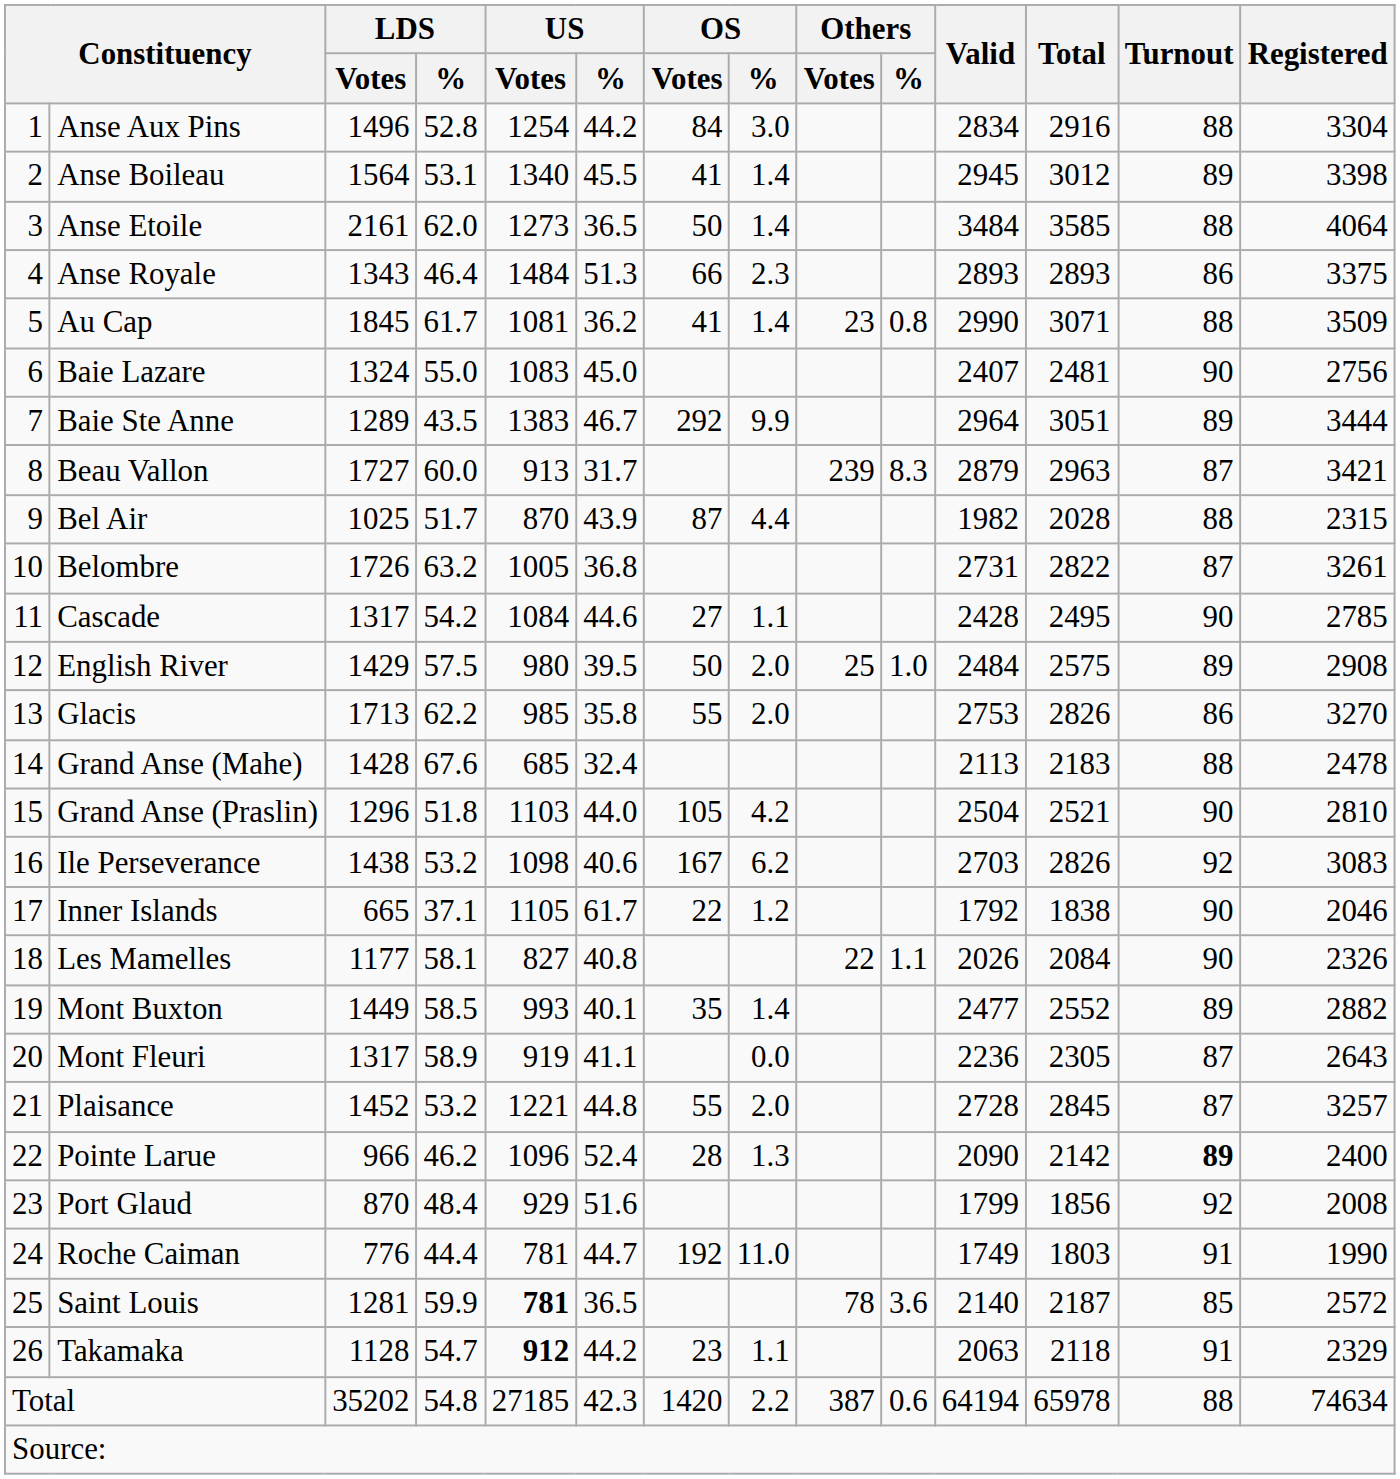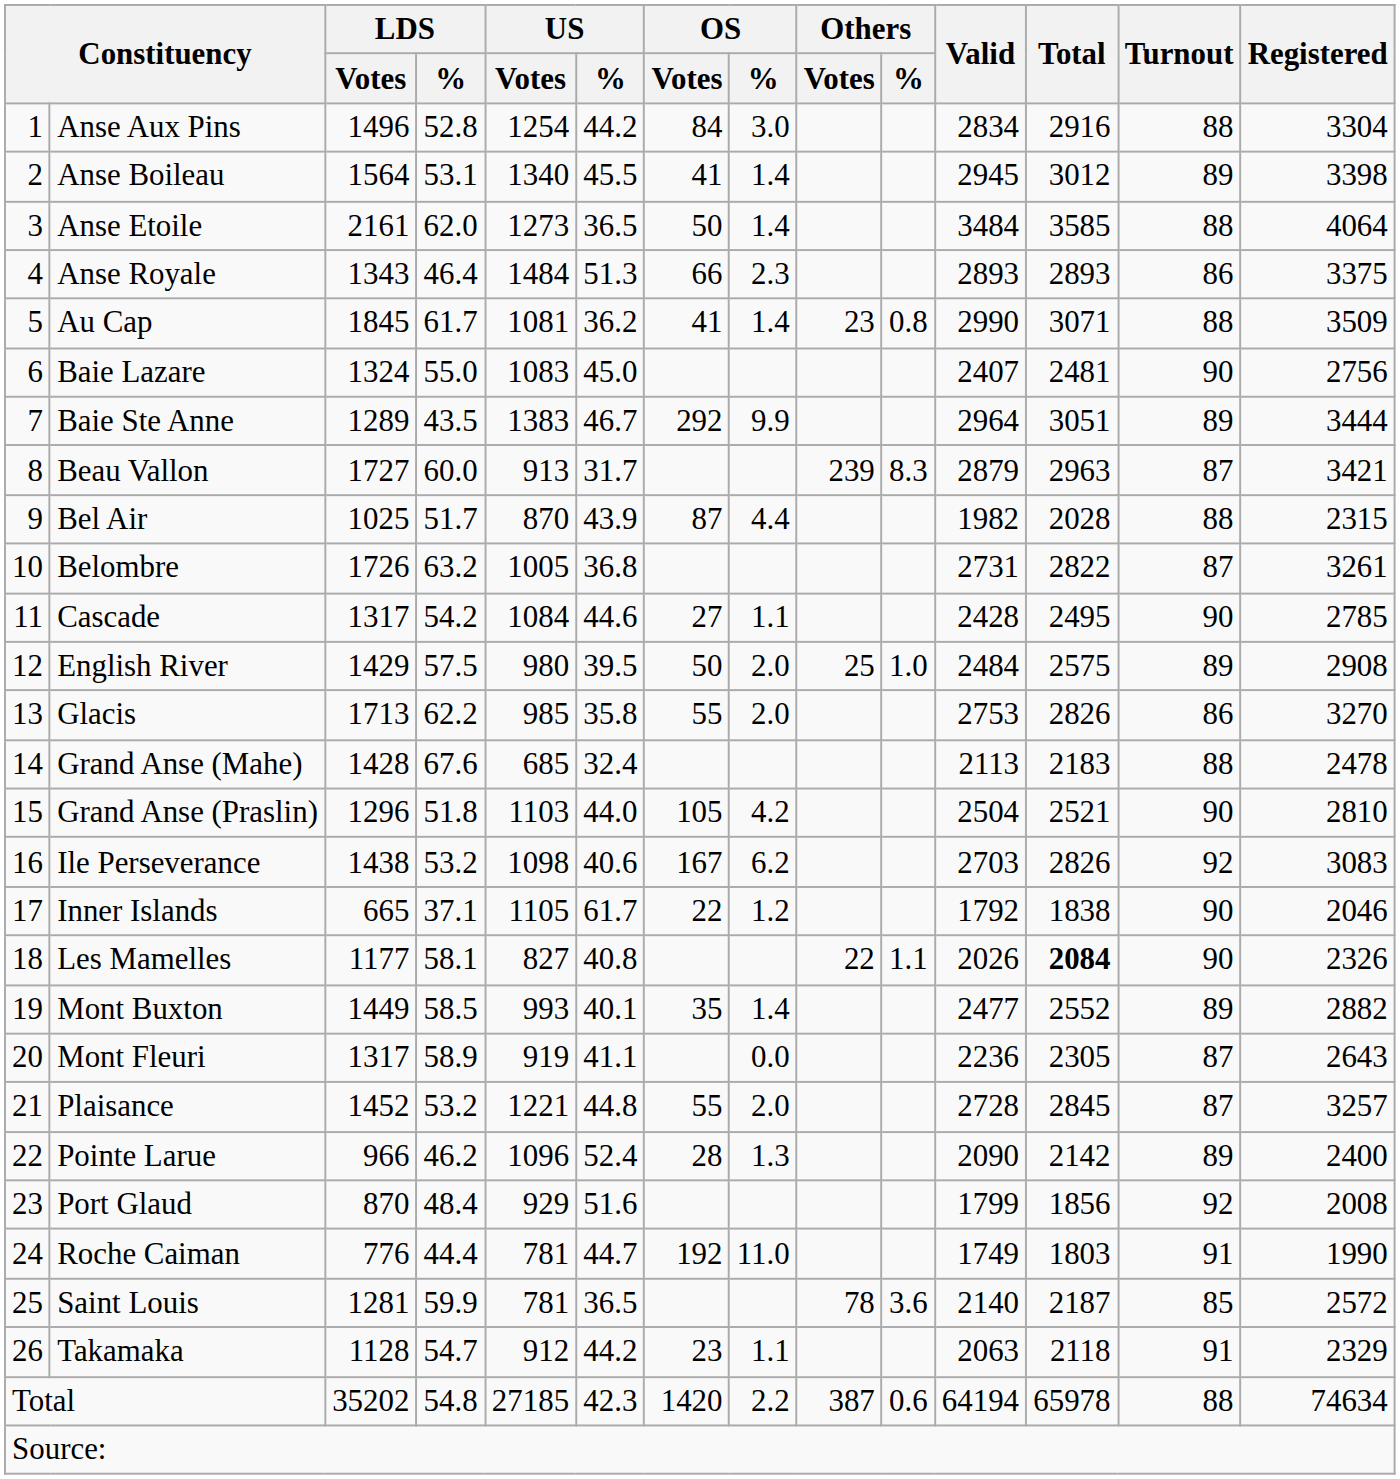 <table class="wikitable sortable" style=text-align:right>
 <tr>
 <th colspan=2 rowspan=2>Constituency</th>
 <th colspan=2>LDS</th>
 <th colspan=2>US</th>
 <th colspan=2>OS</th>
 <th colspan=2>Others</th>
 <th rowspan=2>Valid</th>
 <th rowspan=2>Total</th>
 <th rowspan=2>Turnout</th>
 <th rowspan=2>Registered</th>
 </tr>
 <tr>
 <th>Votes</th>
 <th>%</th>
 <th>Votes</th>
 <th>%</th>
 <th>Votes</th>
 <th>%</th>
 <th>Votes</th>
 <th>%</th>
 </tr>
 <tr>
 <td>1</td>
 <td align=left>Anse Aux Pins</td>
 <td>1496</td>
 <td>52.8</td>
 <td>1254</td>
 <td>44.2</td>
 <td>84</td>
 <td>3.0</td>
 <td></td>
 <td></td>
 <td>2834</td>
 <td>2916</td>
 <td>88</td>
 <td>3304</td>
 </tr>
 <tr>
 <td>2</td>
 <td align=left>Anse Boileau</td>
 <td>1564</td>
 <td>53.1</td>
 <td>1340</td>
 <td>45.5</td>
 <td>41</td>
 <td>1.4</td>
 <td></td>
 <td></td>
 <td>2945</td>
 <td>3012</td>
 <td>89</td>
 <td>3398</td>
 </tr>
 <tr>
 <td>3</td>
 <td align=left>Anse Etoile</td>
 <td>2161</td>
 <td>62.0</td>
 <td>1273</td>
 <td>36.5</td>
 <td>50</td>
 <td>1.4</td>
 <td></td>
 <td></td>
 <td>3484</td>
 <td>3585</td>
 <td>88</td>
 <td>4064</td>
 </tr>
 <tr>
 <td>4</td>
 <td align=left>Anse Royale</td>
 <td>1343</td>
 <td>46.4</td>
 <td>1484</td>
 <td>51.3</td>
 <td>66</td>
 <td>2.3</td>
 <td></td>
 <td></td>
 <td>2893</td>
 <td>2893</td>
 <td>86</td>
 <td>3375</td>
 </tr>
 <tr>
 <td>5</td>
 <td align=left>Au Cap</td>
 <td>1845</td>
 <td>61.7</td>
 <td>1081</td>
 <td>36.2</td>
 <td>41</td>
 <td>1.4</td>
 <td>23</td>
 <td>0.8</td>
 <td>2990</td>
 <td>3071</td>
 <td>88</td>
 <td>3509</td>
 </tr>
 <tr>
 <td>6</td>
 <td align=left>Baie Lazare</td>
 <td>1324</td>
 <td>55.0</td>
 <td>1083</td>
 <td>45.0</td>
 <td></td>
 <td></td>
 <td></td>
 <td></td>
 <td>2407</td>
 <td>2481</td>
 <td>90</td>
 <td>2756</td>
 </tr>
 <tr>
 <td>7</td>
 <td align=left>Baie Ste Anne</td>
 <td>1289</td>
 <td>43.5</td>
 <td>1383</td>
 <td>46.7</td>
 <td>292</td>
 <td>9.9</td>
 <td></td>
 <td></td>
 <td>2964</td>
 <td>3051</td>
 <td>89</td>
 <td>3444</td>
 </tr>
 <tr>
 <td>8</td>
 <td align=left>Beau Vallon</td>
 <td>1727</td>
 <td>60.0</td>
 <td>913</td>
 <td>31.7</td>
 <td></td>
 <td></td>
 <td>239</td>
 <td>8.3</td>
 <td>2879</td>
 <td>2963</td>
 <td>87</td>
 <td>3421</td>
 </tr>
 <tr>
 <td>9</td>
 <td align=left>Bel Air</td>
 <td>1025</td>
 <td>51.7</td>
 <td>870</td>
 <td>43.9</td>
 <td>87</td>
 <td>4.4</td>
 <td></td>
 <td></td>
 <td>1982</td>
 <td>2028</td>
 <td>88</td>
 <td>2315</td>
 </tr>
 <tr>
 <td>10</td>
 <td align=left>Belombre</td>
 <td>1726</td>
 <td>63.2</td>
 <td>1005</td>
 <td>36.8</td>
 <td></td>
 <td></td>
 <td></td>
 <td></td>
 <td>2731</td>
 <td>2822</td>
 <td>87</td>
 <td>3261</td>
 </tr>
 <tr>
 <td>11</td>
 <td align=left>Cascade</td>
 <td>1317</td>
 <td>54.2</td>
 <td>1084</td>
 <td>44.6</td>
 <td>27</td>
 <td>1.1</td>
 <td></td>
 <td></td>
 <td>2428</td>
 <td>2495</td>
 <td>90</td>
 <td>2785</td>
 </tr>
 <tr>
 <td>12</td>
 <td align=left>English River</td>
 <td>1429</td>
 <td>57.5</td>
 <td>980</td>
 <td>39.5</td>
 <td>50</td>
 <td>2.0</td>
 <td>25</td>
 <td>1.0</td>
 <td>2484</td>
 <td>2575</td>
 <td>89</td>
 <td>2908</td>
 </tr>
 <tr>
 <td>13</td>
 <td align=left>Glacis</td>
 <td>1713</td>
 <td>62.2</td>
 <td>985</td>
 <td>35.8</td>
 <td>55</td>
 <td>2.0</td>
 <td></td>
 <td></td>
 <td>2753</td>
 <td>2826</td>
 <td>86</td>
 <td>3270</td>
 </tr>
 <tr>
 <td>14</td>
 <td align=left>Grand Anse (Mahe)</td>
 <td>1428</td>
 <td>67.6</td>
 <td>685</td>
 <td>32.4</td>
 <td></td>
 <td></td>
 <td></td>
 <td></td>
 <td>2113</td>
 <td>2183</td>
 <td>88</td>
 <td>2478</td>
 </tr>
 <tr>
 <td>15</td>
 <td align=left>Grand Anse (Praslin)</td>
 <td>1296</td>
 <td>51.8</td>
 <td>1103</td>
 <td>44.0</td>
 <td>105</td>
 <td>4.2</td>
 <td></td>
 <td></td>
 <td>2504</td>
 <td>2521</td>
 <td>90</td>
 <td>2810</td>
 </tr>
 <tr>
 <td>16</td>
 <td align=left>Ile Perseverance</td>
 <td>1438</td>
 <td>53.2</td>
 <td>1098</td>
 <td>40.6</td>
 <td>167</td>
 <td>6.2</td>
 <td></td>
 <td></td>
 <td>2703</td>
 <td>2826</td>
 <td>92</td>
 <td>3083</td>
 </tr>
 <tr>
 <td>17</td>
 <td align=left>Inner Islands</td>
 <td>665</td>
 <td>37.1</td>
 <td>1105</td>
 <td>61.7</td>
 <td>22</td>
 <td>1.2</td>
 <td></td>
 <td></td>
 <td>1792</td>
 <td>1838</td>
 <td>90</td>
 <td>2046</td>
 </tr>
 <tr>
 <td>18</td>
 <td align=left>Les Mamelles</td>
 <td>1177</td>
 <td>58.1</td>
 <td>827</td>
 <td>40.8</td>
 <td></td>
 <td></td>
 <td>22</td>
 <td>1.1</td>
 <td>2026</td>
-<td>2084</td>
+<td><strong>2084</strong></td>
 <td>90</td>
 <td>2326</td>
 </tr>
 <tr>
 <td>19</td>
 <td align=left>Mont Buxton</td>
 <td>1449</td>
 <td>58.5</td>
 <td>993</td>
 <td>40.1</td>
 <td>35</td>
 <td>1.4</td>
 <td></td>
 <td></td>
 <td>2477</td>
 <td>2552</td>
 <td>89</td>
 <td>2882</td>
 </tr>
 <tr>
 <td>20</td>
 <td align=left>Mont Fleuri</td>
 <td>1317</td>
 <td>58.9</td>
 <td>919</td>
 <td>41.1</td>
 <td></td>
 <td>0.0</td>
 <td></td>
 <td></td>
 <td>2236</td>
 <td>2305</td>
 <td>87</td>
 <td>2643</td>
 </tr>
 <tr>
 <td>21</td>
 <td align=left>Plaisance</td>
 <td>1452</td>
 <td>53.2</td>
 <td>1221</td>
 <td>44.8</td>
 <td>55</td>
 <td>2.0</td>
 <td></td>
 <td></td>
 <td>2728</td>
 <td>2845</td>
 <td>87</td>
 <td>3257</td>
 </tr>
 <tr>
 <td>22</td>
 <td align=left>Pointe Larue</td>
 <td>966</td>
 <td>46.2</td>
 <td>1096</td>
 <td>52.4</td>
 <td>28</td>
 <td>1.3</td>
 <td></td>
 <td></td>
 <td>2090</td>
 <td>2142</td>
-<td><strong>89</strong></td>
+<td>89</td>
 <td>2400</td>
 </tr>
 <tr>
 <td>23</td>
 <td align=left>Port Glaud</td>
 <td>870</td>
 <td>48.4</td>
 <td>929</td>
 <td>51.6</td>
 <td></td>
 <td></td>
 <td></td>
 <td></td>
 <td>1799</td>
 <td>1856</td>
 <td>92</td>
 <td>2008</td>
 </tr>
 <tr>
 <td>24</td>
 <td align=left>Roche Caiman</td>
 <td>776</td>
 <td>44.4</td>
 <td>781</td>
 <td>44.7</td>
 <td>192</td>
 <td>11.0</td>
 <td></td>
 <td></td>
 <td>1749</td>
 <td>1803</td>
 <td>91</td>
 <td>1990</td>
 </tr>
 <tr>
 <td>25</td>
 <td align=left>Saint Louis</td>
 <td>1281</td>
 <td>59.9</td>
-<td><strong>781</strong></td>
+<td>781</td>
 <td>36.5</td>
 <td></td>
 <td></td>
 <td>78</td>
 <td>3.6</td>
 <td>2140</td>
 <td>2187</td>
 <td>85</td>
 <td>2572</td>
 </tr>
 <tr>
 <td>26</td>
 <td align=left>Takamaka</td>
 <td>1128</td>
 <td>54.7</td>
-<td><strong>912</strong></td>
+<td>912</td>
 <td>44.2</td>
 <td>23</td>
 <td>1.1</td>
 <td></td>
 <td></td>
 <td>2063</td>
 <td>2118</td>
 <td>91</td>
 <td>2329</td>
 </tr>
 <tr class=sortbottom>
 <td align=left colspan=2>Total</td>
 <td>35202</td>
 <td>54.8</td>
 <td>27185</td>
 <td>42.3</td>
 <td>1420</td>
 <td>2.2</td>
 <td>387</td>
 <td>0.6</td>
 <td>64194</td>
 <td>65978</td>
 <td>88</td>
 <td>74634</td>
 </tr>
 <tr class=sortbottom>
 <td align=left colspan=14>Source: </td>
 </tr>
 </table>
